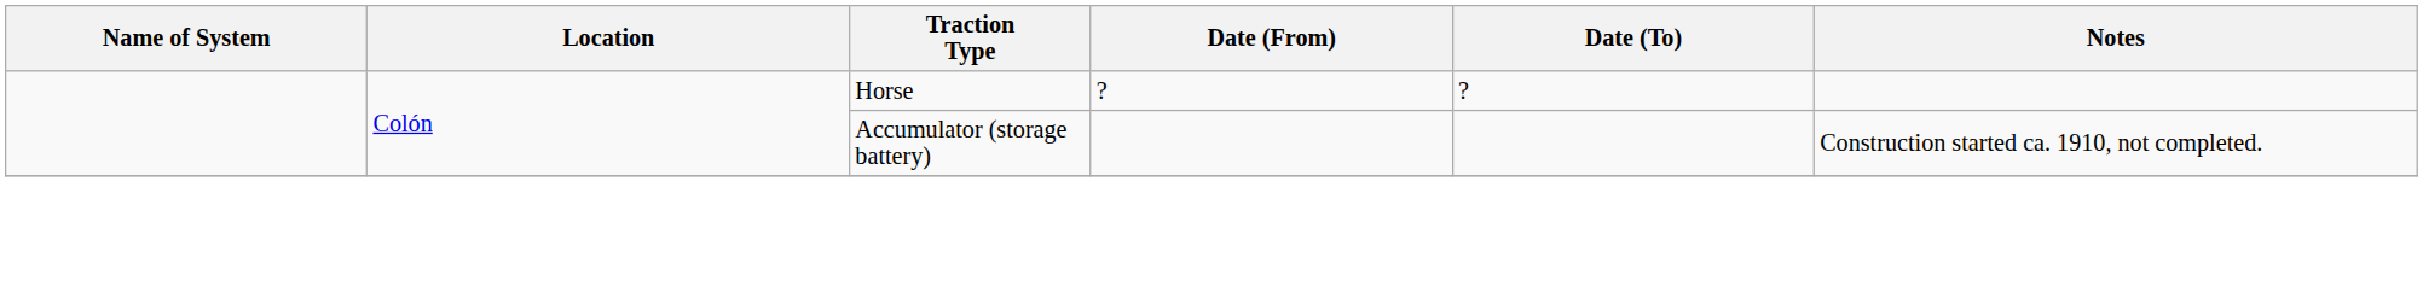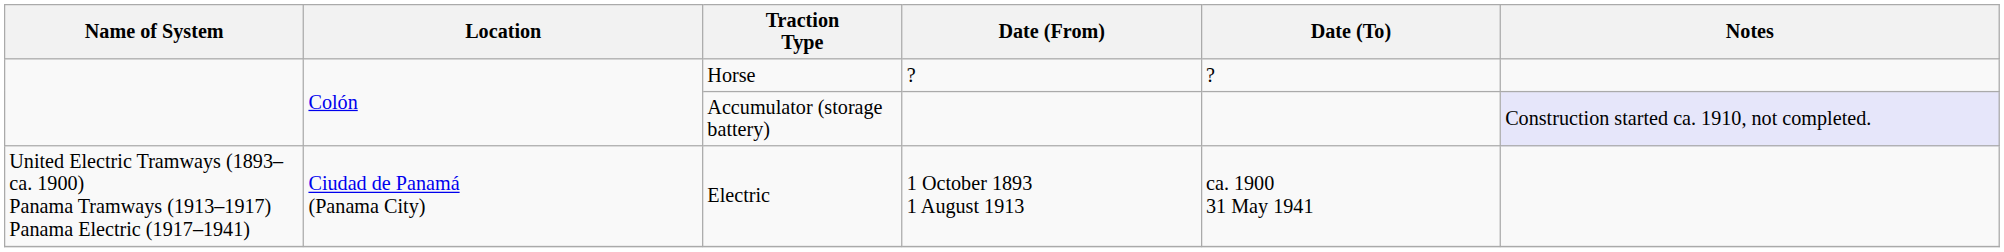 <table class="wikitable" width=100%>
 <tr>
 <th width=15%>Name of System</th>
 <th width=20%>Location</th>
 <th width=10%>Traction<br>Type</th>
 <th width=15%>Date (From)</th>
 <th width=15%>Date (To)</th>
 <th width=25%>Notes</th>
 </tr>
 <tr>
 <td rowspan="2"> </td>
 <td rowspan="2"><a href='#'>Colón</a></td>
 <td>Horse</td>
 <td>?</td>
 <td>?</td>
 <td> </td>
 </tr>
 <tr>
 <td>Accumulator (storage battery)</td>
 <td> </td>
 <td> </td>
-<td>Construction started ca. 1910, not completed.</td>
+<td style="background: lavender;">Construction started ca. 1910, not completed.</td>
+</tr>
+<tr>
+<td>United Electric Tramways (1893–ca. 1900)<br>Panama Tramways (1913–1917)<br> Panama Electric (1917–1941)</td>
+<td><a href='#'>Ciudad de Panamá</a> <br>(Panama City)</td>
+<td>Electric</td>
+<td>1 October 1893<br>1 August 1913</td>
+<td>ca. 1900<br>31 May 1941</td>
+<td></td>
 </tr>
 <tr>
 </tr>
 </table>
